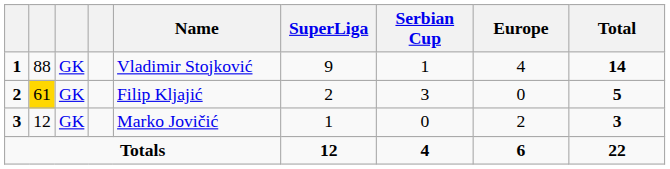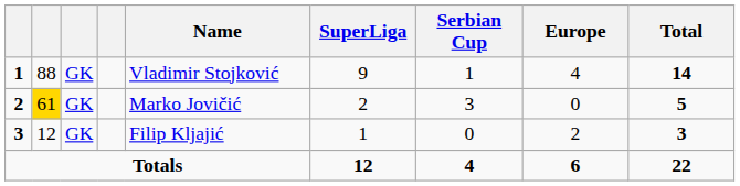 <table class="wikitable" style="text-align:center">
 <tr>
 <th width=15></th>
 <th width=15></th>
 <th width=15></th>
 <th width=15></th>
 <th width=145>Name</th>
 <th width=80><strong><a href='#'>SuperLiga</a></strong></th>
 <th width=80><strong><a href='#'>Serbian Cup</a></strong></th>
 <th width=80><strong>Europe</strong></th>
 <th width=80>Total</th>
 </tr>
 <tr>
 <td><strong>1</strong></td>
 <td>88</td>
 <td><a href='#'>GK</a></td>
 <td></td>
 <td align=left><a href='#'>Vladimir Stojković</a></td>
 <td>9</td>
 <td>1</td>
 <td>4</td>
 <td><strong>14</strong></td>
 </tr>
 <tr>
 <td><strong>2</strong></td>
 <td style="background: gold;">61</td>
 <td><a href='#'>GK</a></td>
 <td></td>
-<td align=left><a href='#'>Filip Kljajić</a></td>
+<td align=left><a href='#'>Marko Jovičić</a></td>
 <td>2</td>
 <td>3</td>
 <td>0</td>
 <td><strong>5</strong></td>
 </tr>
 <tr>
 <td><strong>3</strong></td>
 <td>12</td>
 <td><a href='#'>GK</a></td>
 <td></td>
-<td align=left><a href='#'>Marko Jovičić</a></td>
+<td align=left><a href='#'>Filip Kljajić</a></td>
 <td>1</td>
 <td>0</td>
 <td>2</td>
 <td><strong>3</strong></td>
 </tr>
 <tr>
 <td colspan=5><strong>Totals</strong></td>
 <td><strong>12</strong></td>
 <td><strong>4</strong></td>
 <td><strong>6</strong></td>
 <td><strong>22</strong></td>
 </tr>
 </table>
